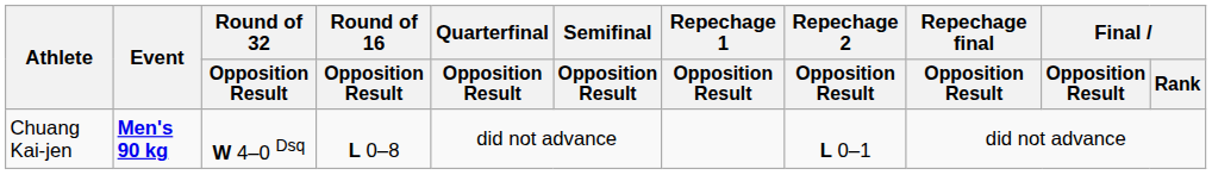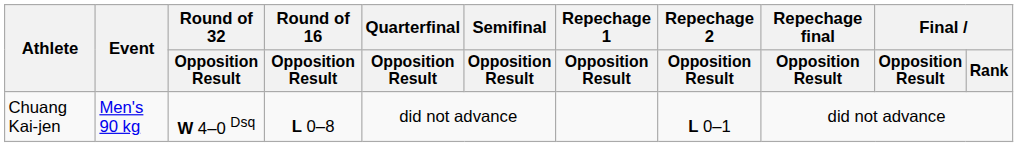 <table class=wikitable style=font-size:90%;text-align:center>
 <tr>
 <th rowspan="2">Athlete</th>
 <th rowspan="2">Event</th>
 <th>Round of 32</th>
 <th>Round of 16</th>
 <th>Quarterfinal</th>
 <th>Semifinal</th>
 <th>Repechage 1</th>
 <th>Repechage 2</th>
 <th>Repechage final</th>
 <th colspan=2>Final / </th>
 </tr>
 <tr style="font-size: 95%">
 <th>Opposition<br>Result</th>
 <th>Opposition<br>Result</th>
 <th>Opposition<br>Result</th>
 <th>Opposition<br>Result</th>
 <th>Opposition<br>Result</th>
 <th>Opposition<br>Result</th>
 <th>Opposition<br>Result</th>
 <th>Opposition<br>Result</th>
 <th>Rank</th>
 </tr>
 <tr>
 <td align=left>Chuang Kai-jen</td>
-<td align=left><strong><a href='#'>Men's 90 kg</a></strong></td>
+<td align=left><a href='#'>Men's 90 kg</a></td>
 <td><br><strong>W</strong> 4–0 <sup>Dsq</sup></td>
 <td><br><strong>L</strong> 0–8</td>
 <td colspan=2>did not advance</td>
 <td></td>
 <td><br><strong>L</strong> 0–1</td>
 <td colspan=3>did not advance</td>
 </tr>
 </table>
